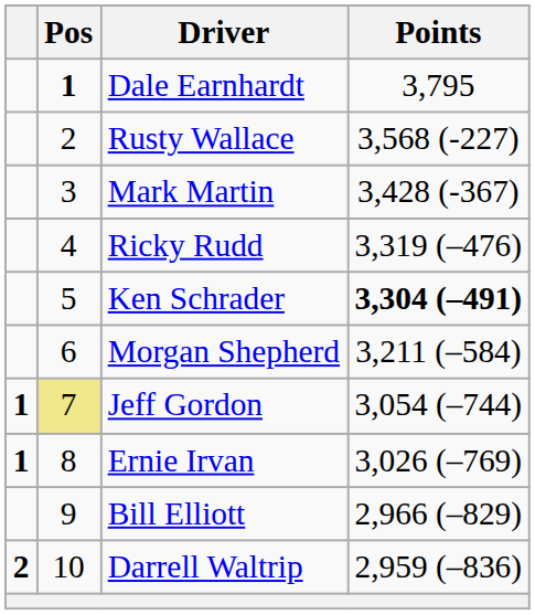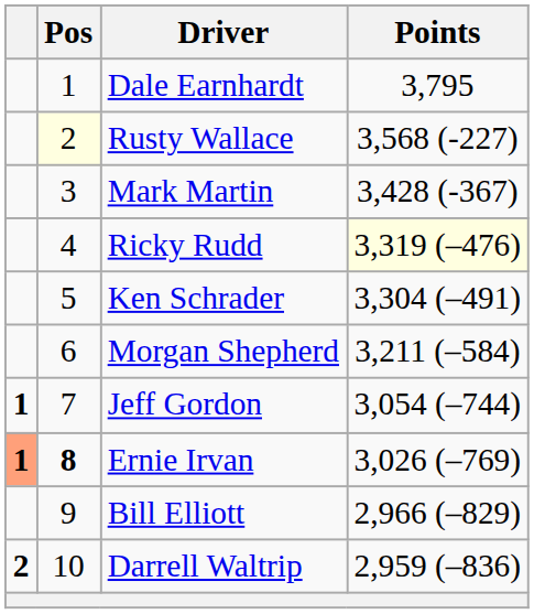 <table class="wikitable" style="font-size: 95%;">
 <tr>
 <th></th>
 <th>Pos</th>
 <th>Driver</th>
 <th>Points</th>
 </tr>
 <tr>
 <td align="left"></td>
-<td style="text-align:center;"><strong>1</strong></td>
+<td style="text-align:center;">1</td>
 <td><a href='#'>Dale Earnhardt</a></td>
 <td style="text-align:center;">3,795</td>
 </tr>
 <tr>
 <td align="left"></td>
-<td style="text-align:center;">2</td>
+<td style="background: lightyellow; text-align:center;">2</td>
 <td><a href='#'>Rusty Wallace</a></td>
 <td style="text-align:center;">3,568 (-227)</td>
 </tr>
 <tr>
 <td align="left"></td>
 <td style="text-align:center;">3</td>
 <td><a href='#'>Mark Martin</a></td>
 <td style="text-align:center;">3,428 (-367)</td>
 </tr>
 <tr>
 <td align="left"></td>
 <td style="text-align:center;">4</td>
 <td><a href='#'>Ricky Rudd</a></td>
-<td style="text-align:center;">3,319 (–476)</td>
+<td style="background: lightyellow; text-align:center;">3,319 (–476)</td>
 </tr>
 <tr>
 <td align="left"></td>
 <td style="text-align:center;">5</td>
 <td><a href='#'>Ken Schrader</a></td>
-<td style="text-align:center;"><strong>3,304 (–491)</strong></td>
+<td style="text-align:center;">3,304 (–491)</td>
 </tr>
 <tr>
 <td align="left"></td>
 <td style="text-align:center;">6</td>
 <td><a href='#'>Morgan Shepherd</a></td>
 <td style="text-align:center;">3,211 (–584)</td>
 </tr>
 <tr>
 <td align="left"> <strong>1</strong></td>
-<td style="background: khaki; text-align:center;">7</td>
+<td style="text-align:center;">7</td>
 <td><a href='#'>Jeff Gordon</a></td>
 <td style="text-align:center;">3,054 (–744)</td>
 </tr>
 <tr>
-<td align="left"> <strong>1</strong></td>
-<td style="text-align:center;">8</td>
+<td align="left" style="background: lightsalmon;"> <strong>1</strong></td>
+<td style="text-align:center;"><strong>8</strong></td>
 <td><a href='#'>Ernie Irvan</a></td>
 <td style="text-align:center;">3,026 (–769)</td>
 </tr>
 <tr>
 <td align="left"></td>
 <td style="text-align:center;">9</td>
 <td><a href='#'>Bill Elliott</a></td>
 <td style="text-align:center;">2,966 (–829)</td>
 </tr>
 <tr>
 <td align="left"> <strong>2</strong></td>
 <td style="text-align:center;">10</td>
 <td><a href='#'>Darrell Waltrip</a></td>
 <td style="text-align:center;">2,959 (–836)</td>
 </tr>
 <tr class="sortbottom">
 <th colspan="9"></th>
 </tr>
 </table>
